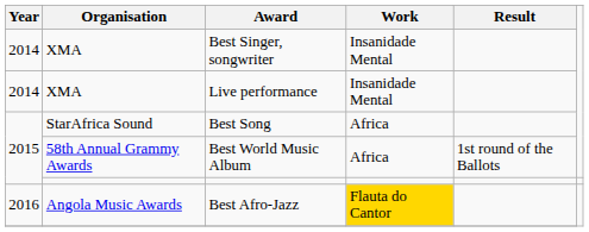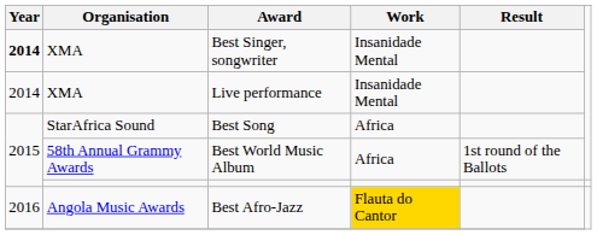 <table class="wikitable">
 <tr>
 <th>Year</th>
 <th>Organisation</th>
 <th>Award</th>
 <th>Work</th>
 <th>Result</th>
 </tr>
 <tr>
-<td rowspan="1">2014</td>
+<td rowspan="1"><strong>2014</strong></td>
 <td>XMA</td>
 <td>Best Singer, songwriter</td>
 <td>Insanidade Mental</td>
 <td></td>
 </tr>
 <tr>
 <td>2014</td>
 <td>XMA</td>
 <td>Live performance</td>
 <td>Insanidade Mental</td>
 <td></td>
 </tr>
 <tr>
 <td rowspan="3">2015</td>
 <td>StarAfrica Sound</td>
 <td>Best Song</td>
 <td>Africa</td>
 <td></td>
 </tr>
 <tr>
 <td><a href='#'>58th Annual Grammy Awards</a></td>
 <td>Best World Music Album</td>
 <td>Africa</td>
 <td>1st round of the Ballots</td>
 </tr>
 <tr>
 <td></td>
 <td></td>
 <td></td>
 <td></td>
 <td></td>
 </tr>
 <tr>
 <td>2016</td>
 <td><a href='#'>Angola Music Awards</a></td>
 <td>Best Afro-Jazz</td>
 <td style="background: gold;">Flauta do Cantor</td>
 <td></td>
 </tr>
 <tr>
 </tr>
 </table>
